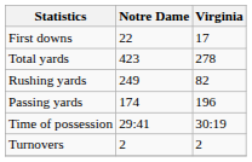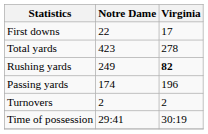 <table class="wikitable">
 <tr>
 <th>Statistics</th>
 <th>Notre Dame</th>
 <th>Virginia</th>
 </tr>
 <tr>
 <td>First downs</td>
 <td>22</td>
 <td>17</td>
 </tr>
 <tr>
 <td>Total yards</td>
 <td>423</td>
 <td>278</td>
 </tr>
 <tr>
 <td>Rushing yards</td>
 <td>249</td>
-<td>82</td>
+<td><strong>82</strong></td>
 </tr>
 <tr>
 <td>Passing yards</td>
 <td>174</td>
 <td>196</td>
 </tr>
 <tr>
+<td>Turnovers</td>
+<td>2</td>
+<td>2</td>
+</tr>
+<tr>
 <td>Time of possession</td>
 <td>29:41</td>
 <td>30:19</td>
 </tr>
 <tr>
-<td>Turnovers</td>
-<td>2</td>
-<td>2</td>
-</tr>
-<tr>
 </tr>
 </table>
